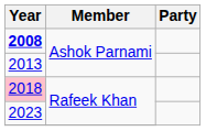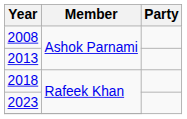 <table class="wikitable sortable">
 <tr>
 <th>Year</th>
 <th>Member</th>
 <th colspan="2">Party</th>
 </tr>
 <tr>
-<td><strong><a href='#'>2008</a></strong></td>
+<td><a href='#'>2008</a></td>
 <td rowspan="2"><a href='#'>Ashok Parnami</a></td>
 <td></td>
 </tr>
 <tr>
 <td><a href='#'>2013</a></td>
 </tr>
 <tr>
-<td style="background: pink;"><a href='#'>2018</a></td>
+<td><a href='#'>2018</a></td>
 <td rowspan="2"><a href='#'>Rafeek Khan</a></td>
 <td></td>
 </tr>
 <tr>
 <td><a href='#'>2023</a></td>
 </tr>
 <tr>
 </tr>
 </table>
